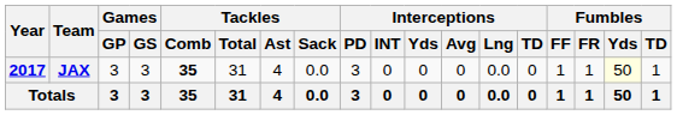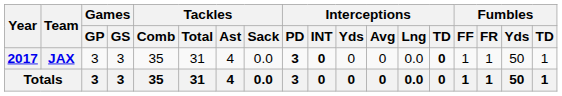 <table class="wikitable" style="text-align:center">
 <tr>
 <th rowspan="2">Year</th>
 <th rowspan="2">Team</th>
 <th colspan="2">Games</th>
 <th colspan="4">Tackles</th>
 <th colspan="6">Interceptions</th>
 <th colspan="4">Fumbles</th>
 </tr>
 <tr>
 <th>GP</th>
 <th>GS</th>
 <th>Comb</th>
 <th>Total</th>
 <th>Ast</th>
 <th>Sack</th>
 <th>PD</th>
 <th>INT</th>
 <th>Yds</th>
 <th>Avg</th>
 <th>Lng</th>
 <th>TD</th>
 <th>FF</th>
 <th>FR</th>
 <th>Yds</th>
 <th>TD</th>
 </tr>
 <tr>
 <th><a href='#'>2017</a></th>
 <th><a href='#'>JAX</a></th>
 <td>3</td>
 <td>3</td>
-<td><strong>35</strong></td>
+<td>35</td>
 <td>31</td>
 <td>4</td>
 <td>0.0</td>
-<td>3</td>
-<td>0</td>
+<td><strong>3</strong></td>
+<td><strong>0</strong></td>
 <td>0</td>
 <td>0</td>
 <td>0.0</td>
-<td>0</td>
+<td><strong>0</strong></td>
 <td>1</td>
 <td>1</td>
-<td style="background: lightyellow;">50</td>
+<td>50</td>
 <td>1</td>
 </tr>
 <tr>
 <th colspan="2">Totals</th>
 <th>3</th>
 <th>3</th>
 <th>35</th>
 <th>31</th>
 <th>4</th>
 <th>0.0</th>
 <th>3</th>
 <th>0</th>
 <th>0</th>
 <th>0</th>
 <th>0.0</th>
 <th>0</th>
 <th>1</th>
 <th>1</th>
 <th>50</th>
 <th>1</th>
 </tr>
 </table>
